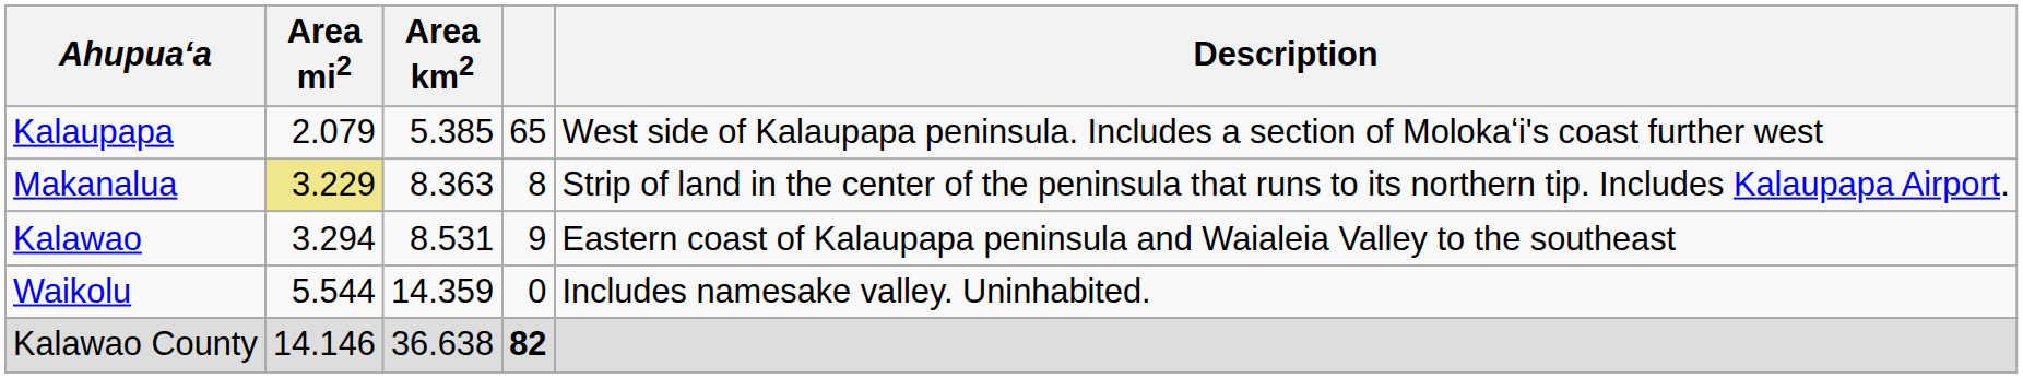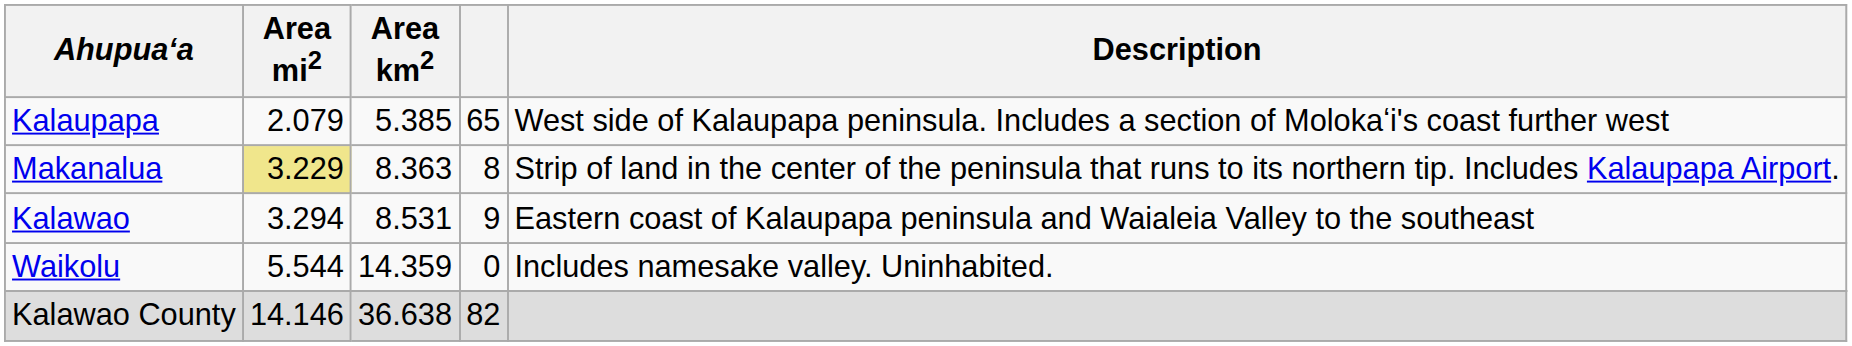 <table class="wikitable sortable">
 <tr style="background: #CCC;">
 <th align="left"><em>Ahupuaʻa</em></th>
 <th>Area<br>mi<sup>2</sup></th>
 <th>Area<br>km<sup>2</sup></th>
 <th></th>
 <th>Description</th>
 </tr>
 <tr>
 <td><a href='#'>Kalaupapa</a></td>
 <td align="right">2.079</td>
 <td align="right">5.385</td>
 <td align="right">65</td>
 <td>West side of Kalaupapa peninsula. Includes a section of Molokaʻi's coast further west</td>
 </tr>
 <tr>
 <td><a href='#'>Makanalua</a></td>
 <td align="right" style="background: khaki;">3.229</td>
 <td align="right">8.363</td>
 <td align="right">8</td>
 <td>Strip of land in the center of the peninsula that runs to its northern tip. Includes <a href='#'>Kalaupapa Airport</a>.</td>
 </tr>
 <tr>
 <td><a href='#'>Kalawao</a></td>
 <td align="right">3.294</td>
 <td align="right">8.531</td>
 <td align="right">9</td>
 <td>Eastern coast of Kalaupapa peninsula and Waialeia Valley to the southeast</td>
 </tr>
 <tr>
 <td><a href='#'>Waikolu</a></td>
 <td align="right">5.544</td>
 <td align="right">14.359</td>
 <td align="right">0</td>
 <td>Includes namesake valley. Uninhabited.</td>
 </tr>
 <tr>
 </tr>
 <tr style="background: #DDD;" | class="sortbottom">
 <td>Kalawao County</td>
 <td align="right">14.146</td>
 <td align="right">36.638</td>
-<td align="right"><strong>82</strong></td>
+<td align="right">82</td>
 <td></td>
 </tr>
 </table>
